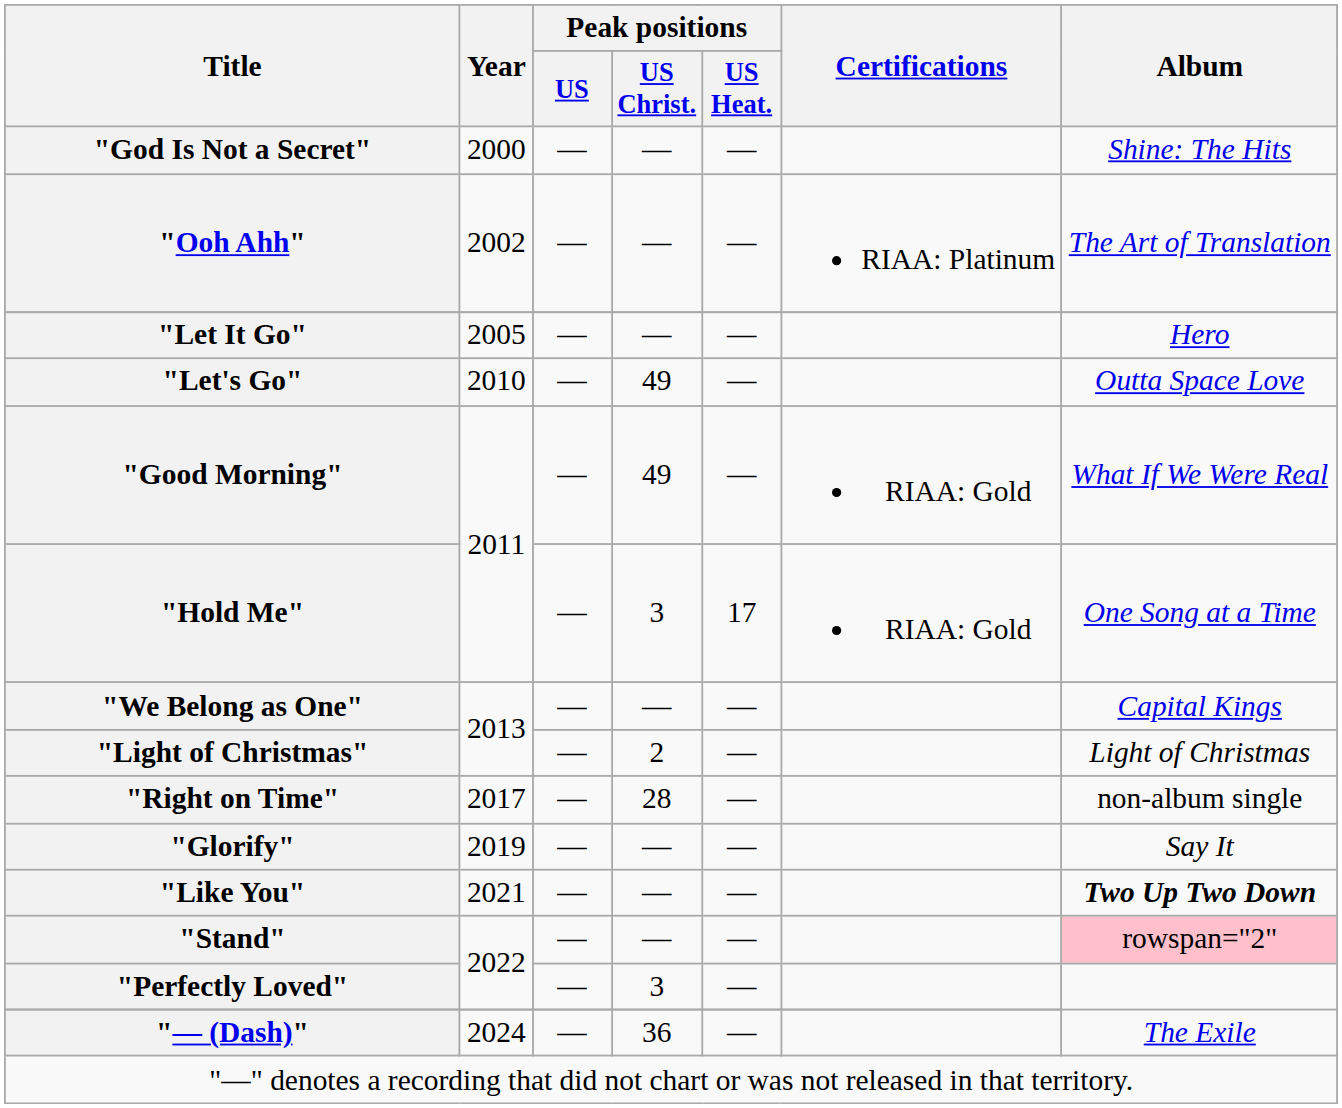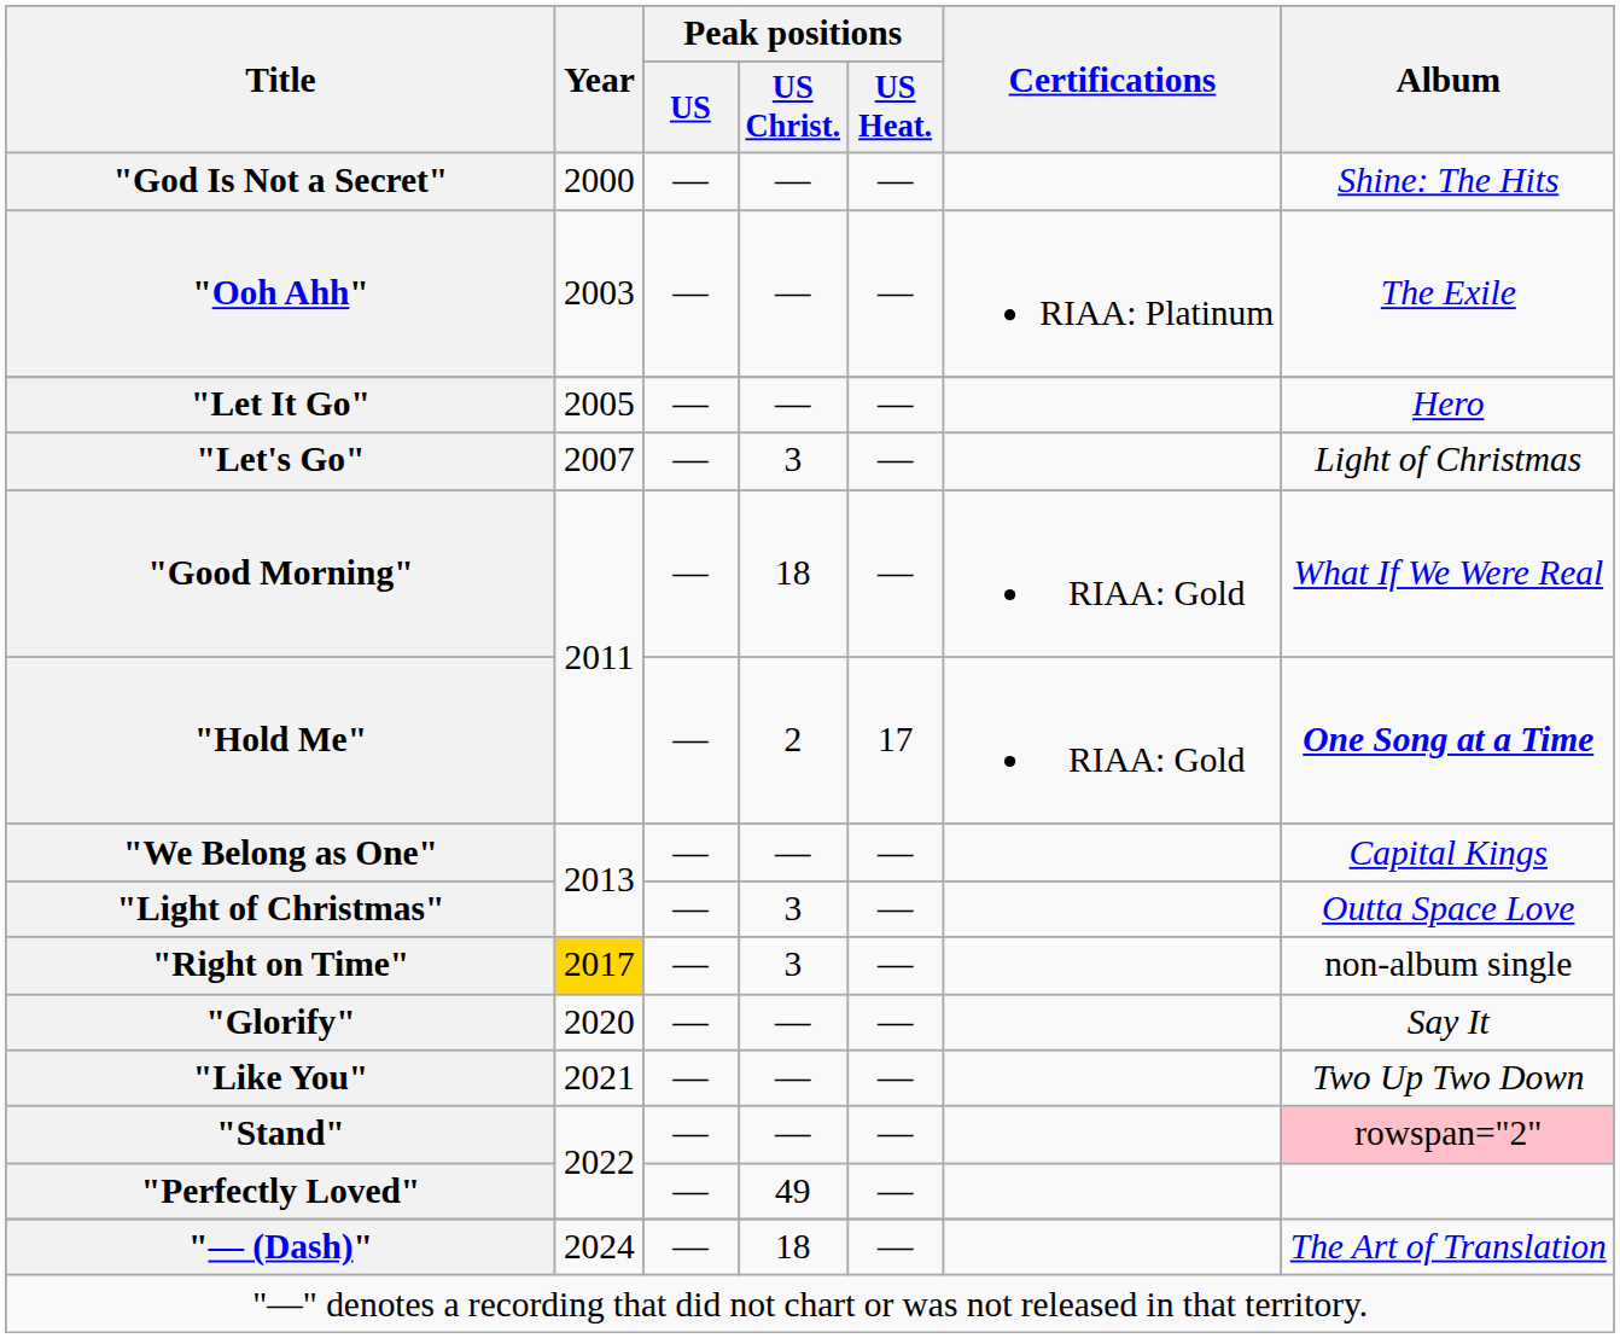 <table class="wikitable plainrowheaders" style="text-align:center;">
 <tr>
 <th rowspan="2" scope="col" style="width:15em;">Title</th>
 <th rowspan="2" scope="col">Year</th>
 <th scope="col" colspan="3">Peak positions</th>
 <th scope="col" rowspan="2"><a href='#'>Certifications</a></th>
 <th scope="col" rowspan="2">Album</th>
 </tr>
 <tr>
 <th scope="col" style="width:2.5em;font-size:90%;"><a href='#'>US</a><br></th>
 <th scope="col" style="width:2.5em;font-size:90%;"><a href='#'>US Christ.</a><br></th>
 <th scope="col" style="width:2.5em;font-size:90%;"><a href='#'>US Heat.</a><br></th>
 </tr>
 <tr>
 <th scope="row">"God Is Not a Secret"<br></th>
 <td>2000</td>
 <td>—</td>
 <td>—</td>
 <td>—</td>
 <td></td>
 <td><em><a href='#'>Shine: The Hits</a></em></td>
 </tr>
 <tr>
 <th scope="row">"<a href='#'>Ooh Ahh</a>"<br></th>
-<td>2002</td>
+<td>2003</td>
 <td>—</td>
 <td>—</td>
 <td>—</td>
 <td><br><ul><li>RIAA: Platinum</li></ul></td>
-<td><em><a href='#'>The Art of Translation</a></em></td>
+<td><em><a href='#'>The Exile</a></em></td>
 </tr>
 <tr>
 </tr>
 <tr>
 <th scope="row">"Let It Go"<br></th>
 <td>2005</td>
 <td>—</td>
 <td>—</td>
 <td>—</td>
 <td></td>
 <td><em><a href='#'>Hero</a></em></td>
 </tr>
 <tr>
 <th scope="row">"Let's Go"<br></th>
-<td>2010</td>
+<td>2007</td>
 <td>—</td>
-<td>49</td>
+<td>3</td>
 <td>—</td>
 <td></td>
-<td><em><a href='#'>Outta Space Love</a></em></td>
+<td><em>Light of Christmas</em></td>
 </tr>
 <tr>
 <th scope="row">"Good Morning"<br></th>
 <td rowspan="2">2011</td>
 <td>—</td>
-<td>49</td>
+<td>18</td>
 <td>—</td>
 <td><br><ul><li>RIAA: Gold</li></ul></td>
 <td><em><a href='#'>What If We Were Real</a></em></td>
 </tr>
 <tr>
 <th scope="row">"Hold Me"<br></th>
 <td>—</td>
-<td>3</td>
+<td>2</td>
 <td>17</td>
 <td><br><ul><li>RIAA: Gold</li></ul></td>
-<td><em><a href='#'>One Song at a Time</a></em></td>
+<td><strong><em><a href='#'>One Song at a Time</a></em></strong></td>
 </tr>
 <tr>
 <th scope="row">"We Belong as One"<br></th>
 <td rowspan="2">2013</td>
 <td>—</td>
 <td>—</td>
 <td>—</td>
 <td></td>
 <td><em><a href='#'>Capital Kings</a></em></td>
 </tr>
 <tr>
 <th scope="row">"Light of Christmas"<br></th>
 <td>—</td>
-<td>2</td>
+<td>3</td>
 <td>—</td>
 <td></td>
-<td><em>Light of Christmas</em></td>
+<td><em><a href='#'>Outta Space Love</a></em></td>
 </tr>
 <tr>
 <th scope="row">"Right on Time"<br></th>
-<td>2017</td>
+<td style="background: gold;">2017</td>
 <td>—</td>
-<td>28</td>
+<td>3</td>
 <td>—</td>
 <td></td>
 <td>non-album single</td>
 </tr>
 <tr>
 <th scope="row">"Glorify"<br></th>
-<td>2019</td>
+<td>2020</td>
 <td>—</td>
 <td>—</td>
 <td>—</td>
 <td></td>
 <td><em>Say It</em></td>
 </tr>
 <tr>
 <th scope="row">"Like You"<br></th>
 <td>2021</td>
 <td>—</td>
 <td>—</td>
 <td>—</td>
 <td></td>
-<td><strong><em>Two Up Two Down</em></strong></td>
+<td><em>Two Up Two Down</em></td>
 </tr>
 <tr>
 <th scope="row">"Stand"<br></th>
 <td rowspan="2">2022</td>
 <td>—</td>
 <td>—</td>
 <td>—</td>
 <td></td>
 <td style="background: pink;">rowspan="2" </td>
 </tr>
 <tr>
 <th scope="row">"Perfectly Loved"<br></th>
 <td>—</td>
-<td>3</td>
+<td>49</td>
 <td>—</td>
 <td></td>
 </tr>
 <tr>
 </tr>
 <tr>
 <th scope="row">"<a href='#'>— (Dash)</a>"<br></th>
 <td>2024</td>
 <td>—</td>
-<td>36</td>
+<td>18</td>
 <td>—</td>
 <td></td>
-<td><em><a href='#'>The Exile</a></em></td>
+<td><em><a href='#'>The Art of Translation</a></em></td>
 </tr>
 <tr>
 <td colspan="8">"—" denotes a recording that did not chart or was not released in that territory.</td>
 </tr>
 </table>
